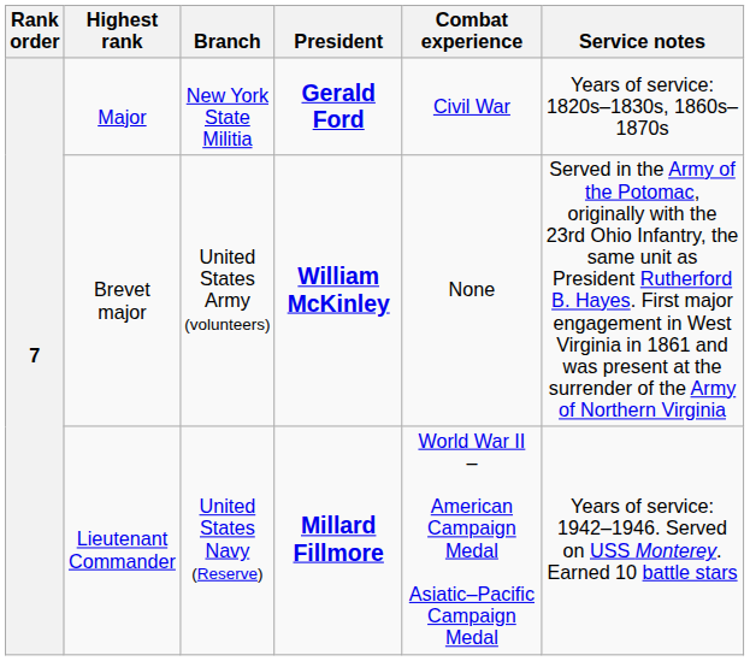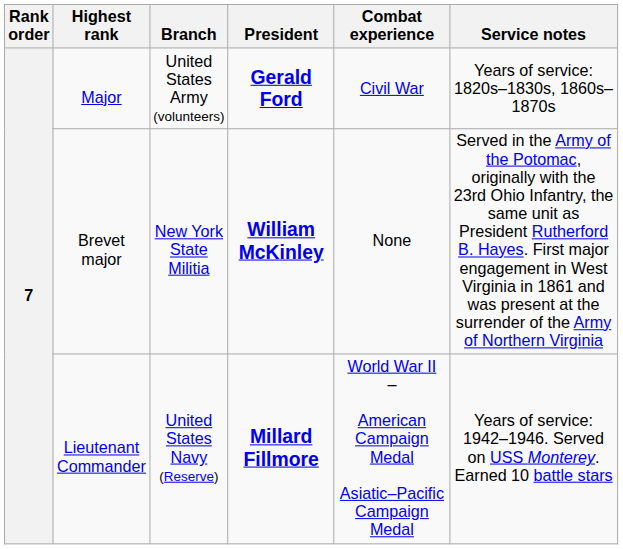 <table class=wikitable style="text-align:center;">
 <tr style="vertical-align:bottom;">
 <th width="4%">Rank order</th>
 <th width="13%">Highest rank</th>
 <th width="12%">Branch</th>
 <th width="18%">President</th>
 <th width="20%">Combat experience</th>
 <th width="31%">Service notes</th>
 </tr>
 <tr>
 <th rowspan=3>7</th>
 <td><br><a href='#'>Major</a></td>
-<td><br><a href='#'>New York State Militia</a></td>
+<td>United States Army<br><small>(volunteers)</small></td>
 <td><big><strong><a href='#'>Gerald Ford</a></strong></big></td>
 <td><a href='#'>Civil War</a></td>
 <td>Years of service: 1820s–1830s, 1860s–1870s</td>
 </tr>
 <tr>
 <td><br>Brevet major</td>
-<td>United States Army<br><small>(volunteers)</small></td>
+<td><br><a href='#'>New York State Militia</a></td>
 <td><big><strong><a href='#'>William McKinley</a></strong></big></td>
 <td>None</td>
 <td>Served in the <a href='#'>Army of the Potomac</a>, originally with the 23rd Ohio Infantry, the same unit as President <a href='#'>Rutherford B. Hayes</a>. First major engagement in West Virginia in 1861 and was present at the surrender of the <a href='#'>Army of Northern Virginia</a></td>
 </tr>
 <tr>
 <td><br><a href='#'>Lieutenant Commander</a></td>
 <td><a href='#'>United States Navy</a><br><small>(<a href='#'>Reserve</a>)</small></td>
 <td><big><strong><a href='#'>Millard Fillmore</a></strong></big></td>
 <td><a href='#'>World War II</a><br>–<br><br><a href='#'>American Campaign<br>Medal</a><br><br><a href='#'>Asiatic–Pacific Campaign Medal</a></td>
 <td>Years of service: 1942–1946. Served on <a href='#'>USS <em>Monterey</em></a>. Earned 10 <a href='#'>battle stars</a></td>
 </tr>
 </table>
